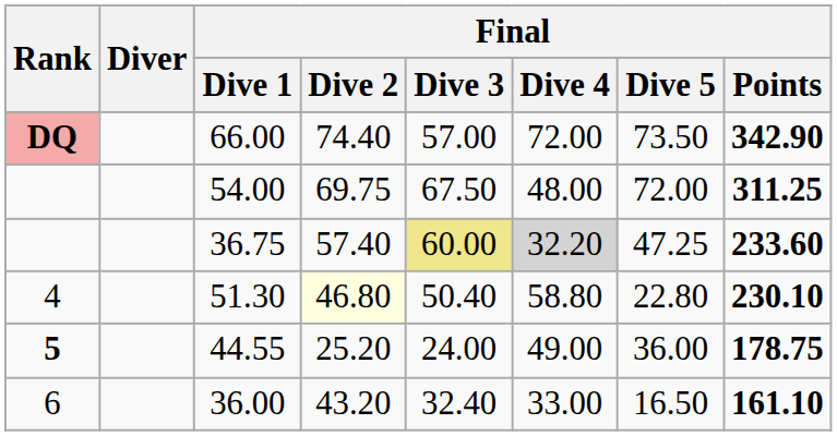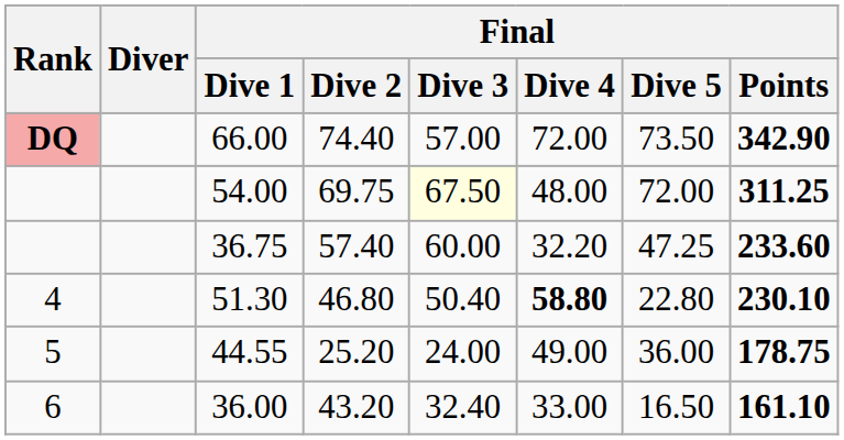 <table class="wikitable sortable"  style="text-align:center">
 <tr>
 <th rowspan="2" data-sort-type=number>Rank</th>
 <th rowspan="2">Diver</th>
 <th colspan="7">Final</th>
 </tr>
 <tr>
 <th>Dive 1</th>
 <th>Dive 2</th>
 <th>Dive 3</th>
 <th>Dive 4</th>
 <th>Dive 5</th>
 <th>Points</th>
 </tr>
 <tr>
 <td style="background:#F5A9A9;"><strong>DQ</strong></td>
 <td align="left"></td>
 <td>66.00</td>
 <td>74.40</td>
 <td>57.00</td>
 <td>72.00</td>
 <td>73.50</td>
 <td><strong>342.90</strong></td>
 </tr>
 <tr>
 <td></td>
 <td align="left"></td>
 <td>54.00</td>
 <td>69.75</td>
-<td>67.50</td>
+<td style="background: lightyellow;">67.50</td>
 <td>48.00</td>
 <td>72.00</td>
 <td><strong>311.25</strong></td>
 </tr>
 <tr>
 <td></td>
 <td align="left"></td>
 <td>36.75</td>
 <td>57.40</td>
-<td style="background: khaki;">60.00</td>
-<td style="background: lightgrey;">32.20</td>
+<td>60.00</td>
+<td>32.20</td>
 <td>47.25</td>
 <td><strong>233.60</strong></td>
 </tr>
 <tr>
 <td>4</td>
 <td align="left"></td>
 <td>51.30</td>
-<td style="background: lightyellow;">46.80</td>
+<td>46.80</td>
 <td>50.40</td>
-<td>58.80</td>
+<td><strong>58.80</strong></td>
 <td>22.80</td>
 <td><strong>230.10</strong></td>
 </tr>
 <tr>
-<td><strong>5</strong></td>
+<td>5</td>
 <td align="left"></td>
 <td>44.55</td>
 <td>25.20</td>
 <td>24.00</td>
 <td>49.00</td>
 <td>36.00</td>
 <td><strong>178.75</strong></td>
 </tr>
 <tr>
 <td>6</td>
 <td align="left"></td>
 <td>36.00</td>
 <td>43.20</td>
 <td>32.40</td>
 <td>33.00</td>
 <td>16.50</td>
 <td><strong>161.10</strong></td>
 </tr>
 </table>
